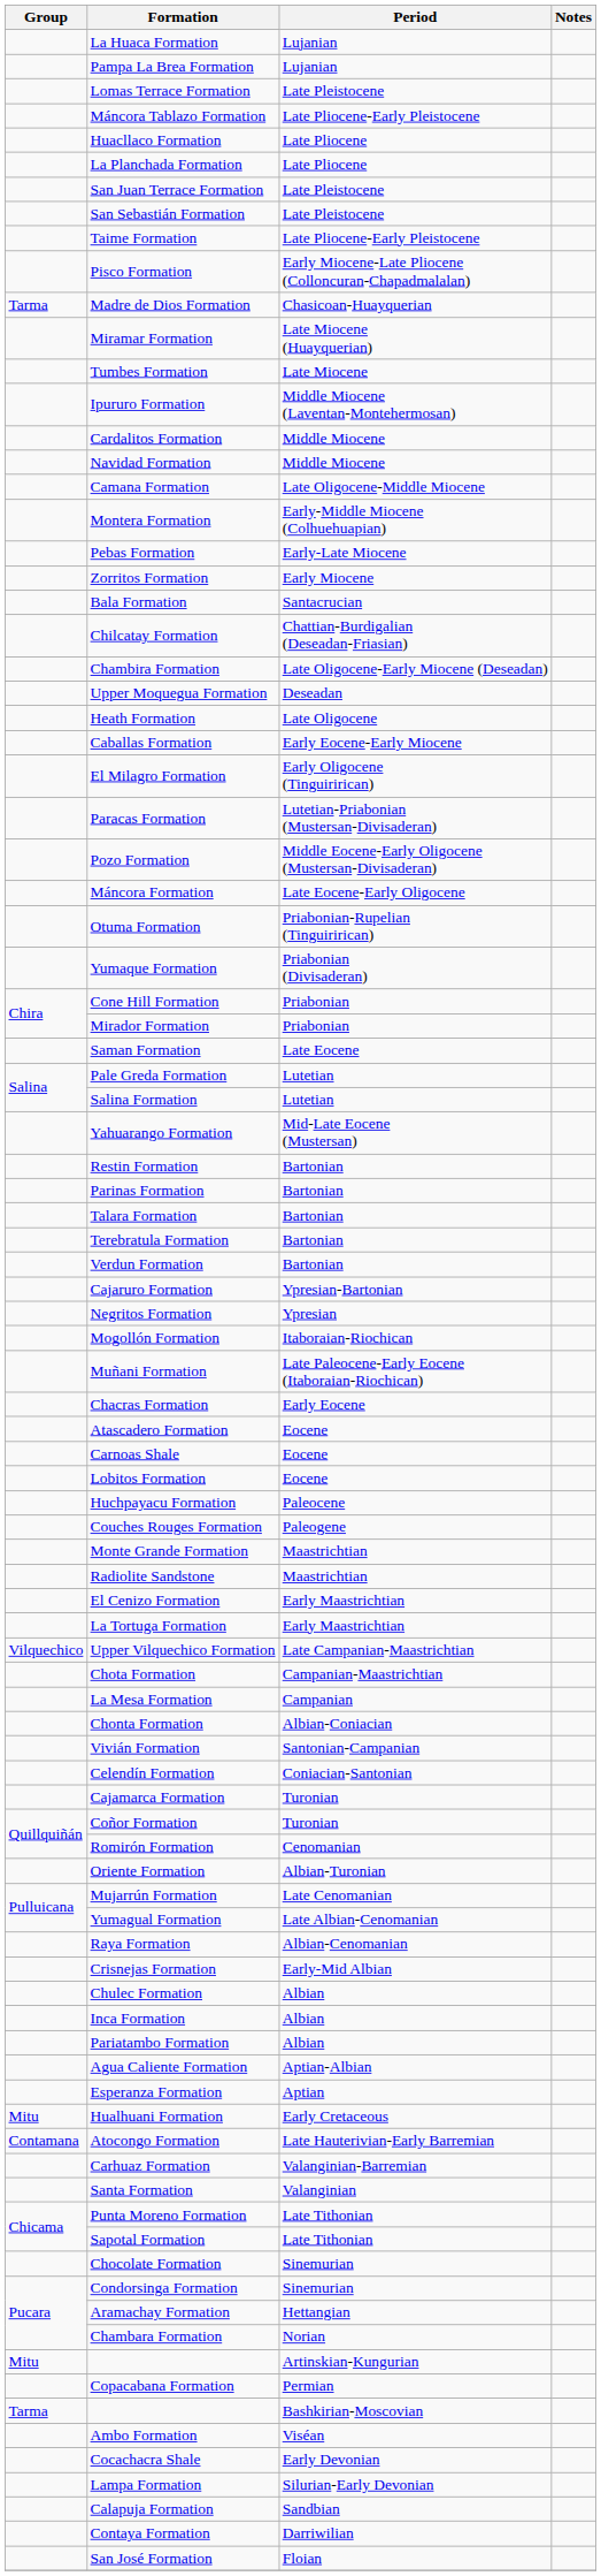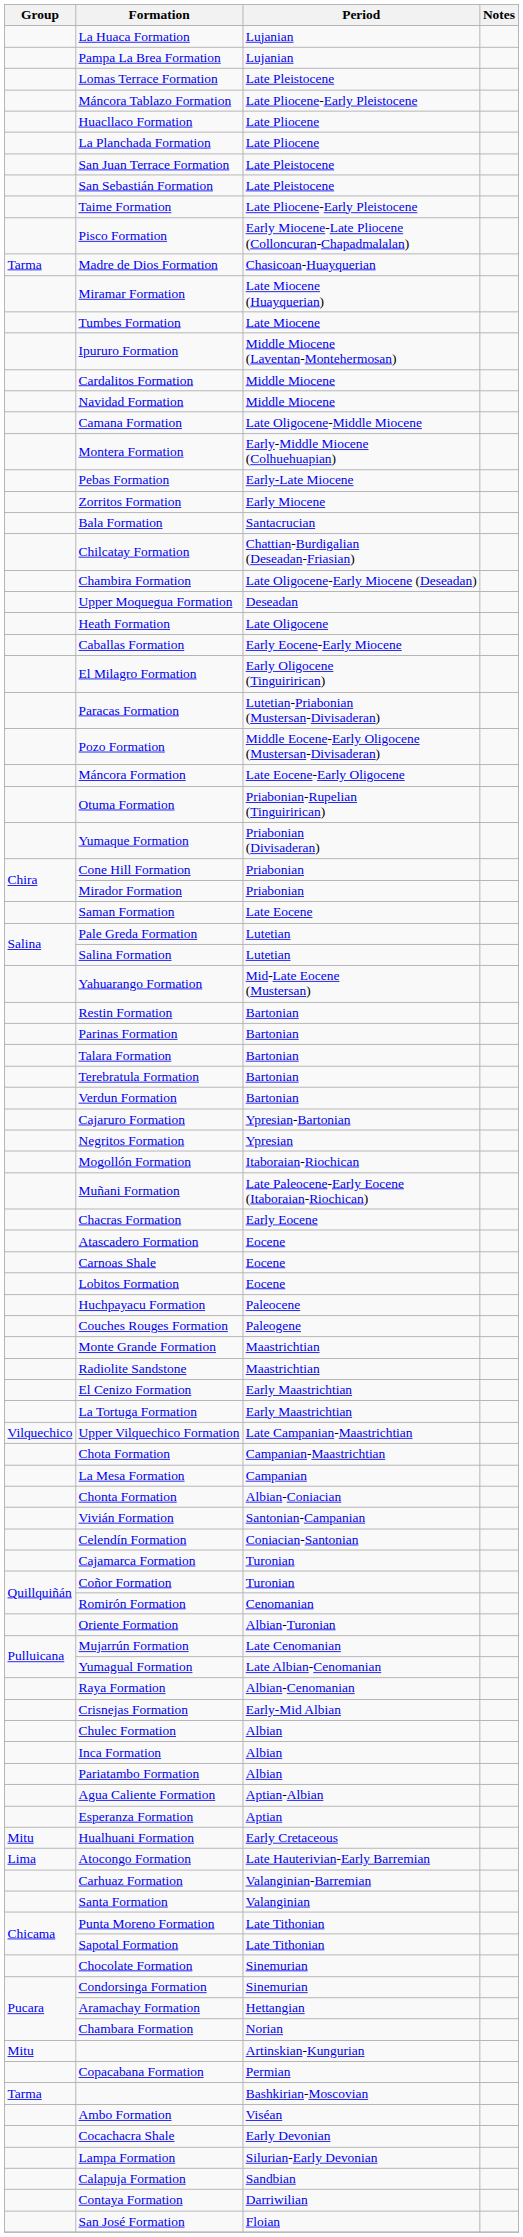 <table class="wikitable sortable">
 <tr>
 <th>Group</th>
 <th>Formation</th>
 <th>Period</th>
 <th class="unsortable">Notes</th>
 </tr>
 <tr>
 <td></td>
 <td><a href='#'>La Huaca Formation</a></td>
 <td style="background-color: "><a href='#'>Lujanian</a></td>
 <td align=center></td>
 </tr>
 <tr>
 <td></td>
 <td><a href='#'>Pampa La Brea Formation</a></td>
 <td style="background-color: "><a href='#'>Lujanian</a></td>
 <td align=center></td>
 </tr>
 <tr>
 <td></td>
 <td><a href='#'>Lomas Terrace Formation</a></td>
 <td style="background-color: "><a href='#'>Late Pleistocene</a></td>
 <td align=center></td>
 </tr>
 <tr>
 <td></td>
 <td><a href='#'>Máncora Tablazo Formation</a></td>
 <td style="background-color: "><a href='#'>Late Pliocene</a>-<a href='#'>Early Pleistocene</a></td>
 <td align=center></td>
 </tr>
 <tr>
 <td></td>
 <td><a href='#'>Huacllaco Formation</a></td>
 <td style="background-color: "><a href='#'>Late Pliocene</a></td>
 <td align=center></td>
 </tr>
 <tr>
 <td></td>
 <td><a href='#'>La Planchada Formation</a></td>
 <td style="background-color: "><a href='#'>Late Pliocene</a></td>
 <td align=center></td>
 </tr>
 <tr>
 <td></td>
 <td><a href='#'>San Juan Terrace Formation</a></td>
 <td style="background-color: "><a href='#'>Late Pleistocene</a></td>
 <td align=center></td>
 </tr>
 <tr>
 <td></td>
 <td><a href='#'>San Sebastián Formation</a></td>
 <td style="background-color: "><a href='#'>Late Pleistocene</a></td>
 <td align=center></td>
 </tr>
 <tr>
 <td></td>
 <td><a href='#'>Taime Formation</a></td>
 <td style="background-color: "><a href='#'>Late Pliocene</a>-<a href='#'>Early Pleistocene</a></td>
 <td align=center></td>
 </tr>
 <tr>
 <td></td>
 <td><a href='#'>Pisco Formation</a></td>
 <td style="background-color: "><a href='#'>Early Miocene</a>-<a href='#'>Late Pliocene</a><br>(<a href='#'>Colloncuran</a>-<a href='#'>Chapadmalalan</a>)</td>
 <td align=center></td>
 </tr>
 <tr>
 <td><a href='#'>Tarma</a></td>
 <td><a href='#'>Madre de Dios Formation</a></td>
 <td style="background-color: "><a href='#'>Chasicoan</a>-<a href='#'>Huayquerian</a></td>
 <td align=center></td>
 </tr>
 <tr>
 <td></td>
 <td><a href='#'>Miramar Formation</a></td>
 <td style="background-color: "><a href='#'>Late Miocene</a><br>(<a href='#'>Huayquerian</a>)</td>
 <td align=center></td>
 </tr>
 <tr>
 <td></td>
 <td><a href='#'>Tumbes Formation</a></td>
 <td style="background-color: "><a href='#'>Late Miocene</a></td>
 <td align=center></td>
 </tr>
 <tr>
 <td></td>
 <td><a href='#'>Ipururo Formation</a></td>
 <td style="background-color: "><a href='#'>Middle Miocene</a><br>(<a href='#'>Laventan</a>-<a href='#'>Montehermosan</a>)</td>
 <td align=center></td>
 </tr>
 <tr>
 <td></td>
 <td><a href='#'>Cardalitos Formation</a></td>
 <td style="background-color: "><a href='#'>Middle Miocene</a></td>
 <td align=center></td>
 </tr>
 <tr>
 <td></td>
 <td><a href='#'>Navidad Formation</a></td>
 <td style="background-color: "><a href='#'>Middle Miocene</a></td>
 <td align=center></td>
 </tr>
 <tr>
 <td></td>
 <td><a href='#'>Camana Formation</a></td>
 <td style="background-color: "><a href='#'>Late Oligocene</a>-<a href='#'>Middle Miocene</a></td>
 <td align=center></td>
 </tr>
 <tr>
 <td></td>
 <td><a href='#'>Montera Formation</a></td>
 <td style="background-color: "><a href='#'>Early</a>-<a href='#'>Middle Miocene</a><br>(<a href='#'>Colhuehuapian</a>)</td>
 <td align=center></td>
 </tr>
 <tr>
 <td></td>
 <td><a href='#'>Pebas Formation</a></td>
 <td style="background-color: "><a href='#'>Early-Late Miocene</a></td>
 <td align=center></td>
 </tr>
 <tr>
 <td></td>
 <td><a href='#'>Zorritos Formation</a></td>
 <td style="background-color: "><a href='#'>Early Miocene</a></td>
 <td align=center></td>
 </tr>
 <tr>
 <td></td>
 <td><a href='#'>Bala Formation</a></td>
 <td style="background-color: "><a href='#'>Santacrucian</a></td>
 <td align=center></td>
 </tr>
 <tr>
 <td></td>
 <td><a href='#'>Chilcatay Formation</a></td>
 <td style="background-color: "><a href='#'>Chattian</a>-<a href='#'>Burdigalian</a><br>(<a href='#'>Deseadan</a>-<a href='#'>Friasian</a>)</td>
 <td align=center></td>
 </tr>
 <tr>
 <td></td>
 <td><a href='#'>Chambira Formation</a></td>
 <td style="background-color: "><a href='#'>Late Oligocene</a>-<a href='#'>Early Miocene</a> (<a href='#'>Deseadan</a>)</td>
 <td align=center></td>
 </tr>
 <tr>
 <td></td>
 <td><a href='#'>Upper Moquegua Formation</a></td>
 <td style="background-color: "><a href='#'>Deseadan</a></td>
 <td align=center></td>
 </tr>
 <tr>
 <td></td>
 <td><a href='#'>Heath Formation</a></td>
 <td style="background-color: "><a href='#'>Late Oligocene</a></td>
 <td align=center></td>
 </tr>
 <tr>
 <td></td>
 <td><a href='#'>Caballas Formation</a></td>
 <td style="background-color: "><a href='#'>Early Eocene</a>-<a href='#'>Early Miocene</a></td>
 <td align=center></td>
 </tr>
 <tr>
 <td></td>
 <td><a href='#'>El Milagro Formation</a></td>
 <td style="background-color: "><a href='#'>Early Oligocene</a><br>(<a href='#'>Tinguirirican</a>)</td>
 <td align=center></td>
 </tr>
 <tr>
 <td></td>
 <td><a href='#'>Paracas Formation</a></td>
 <td style="background-color: "><a href='#'>Lutetian</a>-<a href='#'>Priabonian</a><br>(<a href='#'>Mustersan</a>-<a href='#'>Divisaderan</a>)</td>
 <td align=center></td>
 </tr>
 <tr>
 <td></td>
 <td><a href='#'>Pozo Formation</a></td>
 <td style="background-color: "><a href='#'>Middle Eocene</a>-<a href='#'>Early Oligocene</a><br>(<a href='#'>Mustersan</a>-<a href='#'>Divisaderan</a>)</td>
 <td align=center></td>
 </tr>
 <tr>
 <td></td>
 <td><a href='#'>Máncora Formation</a></td>
 <td style="background-color: "><a href='#'>Late Eocene</a>-<a href='#'>Early Oligocene</a></td>
 <td align=center></td>
 </tr>
 <tr>
 <td></td>
 <td><a href='#'>Otuma Formation</a></td>
 <td style="background-color: "><a href='#'>Priabonian</a>-<a href='#'>Rupelian</a><br>(<a href='#'>Tinguirirican</a>)</td>
 <td align=center></td>
 </tr>
 <tr>
 <td></td>
 <td><a href='#'>Yumaque Formation</a></td>
 <td style="background-color: "><a href='#'>Priabonian</a><br>(<a href='#'>Divisaderan</a>)</td>
 <td align=center></td>
 </tr>
 <tr>
 <td rowspan=2><a href='#'>Chira</a></td>
 <td><a href='#'>Cone Hill Formation</a></td>
 <td style="background-color: "><a href='#'>Priabonian</a></td>
 <td align=center></td>
 </tr>
 <tr>
 <td><a href='#'>Mirador Formation</a></td>
 <td style="background-color: "><a href='#'>Priabonian</a></td>
 <td align=center></td>
 </tr>
 <tr>
 <td></td>
 <td><a href='#'>Saman Formation</a></td>
 <td style="background-color: "><a href='#'>Late Eocene</a></td>
 <td align=center></td>
 </tr>
 <tr>
 <td rowspan=2><a href='#'>Salina</a></td>
 <td><a href='#'>Pale Greda Formation</a></td>
 <td style="background-color: "><a href='#'>Lutetian</a></td>
 <td align=center></td>
 </tr>
 <tr>
 <td><a href='#'>Salina Formation</a></td>
 <td style="background-color: "><a href='#'>Lutetian</a></td>
 <td align=center></td>
 </tr>
 <tr>
 <td></td>
 <td><a href='#'>Yahuarango Formation</a></td>
 <td style="background-color: "><a href='#'>Mid</a>-<a href='#'>Late Eocene</a><br>(<a href='#'>Mustersan</a>)</td>
 <td align=center></td>
 </tr>
 <tr>
 <td></td>
 <td><a href='#'>Restin Formation</a></td>
 <td style="background-color: "><a href='#'>Bartonian</a></td>
 <td align=center></td>
 </tr>
 <tr>
 <td></td>
 <td><a href='#'>Parinas Formation</a></td>
 <td style="background-color: "><a href='#'>Bartonian</a></td>
 <td align=center></td>
 </tr>
 <tr>
 <td></td>
 <td><a href='#'>Talara Formation</a></td>
 <td style="background-color: "><a href='#'>Bartonian</a></td>
 <td align=center></td>
 </tr>
 <tr>
 <td></td>
 <td><a href='#'>Terebratula Formation</a></td>
 <td style="background-color: "><a href='#'>Bartonian</a></td>
 <td align=center></td>
 </tr>
 <tr>
 <td></td>
 <td><a href='#'>Verdun Formation</a></td>
 <td style="background-color: "><a href='#'>Bartonian</a></td>
 <td align=center></td>
 </tr>
 <tr>
 <td></td>
 <td><a href='#'>Cajaruro Formation</a></td>
 <td style="background-color: "><a href='#'>Ypresian</a>-<a href='#'>Bartonian</a></td>
 <td align=center></td>
 </tr>
 <tr>
 <td></td>
 <td><a href='#'>Negritos Formation</a></td>
 <td style="background-color: "><a href='#'>Ypresian</a></td>
 <td align=center></td>
 </tr>
 <tr>
 <td></td>
 <td><a href='#'>Mogollón Formation</a></td>
 <td style="background-color: "><a href='#'>Itaboraian</a>-<a href='#'>Riochican</a></td>
 <td align=center></td>
 </tr>
 <tr>
 <td></td>
 <td><a href='#'>Muñani Formation</a></td>
 <td style="background-color: "><a href='#'>Late Paleocene</a>-<a href='#'>Early Eocene</a><br>(<a href='#'>Itaboraian</a>-<a href='#'>Riochican</a>)</td>
 <td align=center></td>
 </tr>
 <tr>
 <td></td>
 <td><a href='#'>Chacras Formation</a></td>
 <td style="background-color: "><a href='#'>Early Eocene</a></td>
 <td align=center></td>
 </tr>
 <tr>
 <td></td>
 <td><a href='#'>Atascadero Formation</a></td>
 <td style="background-color: "><a href='#'>Eocene</a></td>
 <td align=center></td>
 </tr>
 <tr>
 <td></td>
 <td><a href='#'>Carnoas Shale</a></td>
 <td style="background-color: "><a href='#'>Eocene</a></td>
 <td align=center></td>
 </tr>
 <tr>
 <td></td>
 <td><a href='#'>Lobitos Formation</a></td>
 <td style="background-color: "><a href='#'>Eocene</a></td>
 <td align=center></td>
 </tr>
 <tr>
 <td></td>
 <td><a href='#'>Huchpayacu Formation</a></td>
 <td style="background-color: "><a href='#'>Paleocene</a></td>
 <td align=center></td>
 </tr>
 <tr>
 <td></td>
 <td><a href='#'>Couches Rouges Formation</a></td>
 <td style="background-color: "><a href='#'>Paleogene</a></td>
 <td align=center></td>
 </tr>
 <tr>
 <td></td>
 <td><a href='#'>Monte Grande Formation</a></td>
 <td style="background-color: "><a href='#'>Maastrichtian</a></td>
 <td align=center></td>
 </tr>
 <tr>
 <td></td>
 <td><a href='#'>Radiolite Sandstone</a></td>
 <td style="background-color: "><a href='#'>Maastrichtian</a></td>
 <td align=center></td>
 </tr>
 <tr>
 <td></td>
 <td><a href='#'>El Cenizo Formation</a></td>
 <td style="background-color: "><a href='#'>Early Maastrichtian</a></td>
 <td align=center></td>
 </tr>
 <tr>
 <td></td>
 <td><a href='#'>La Tortuga Formation</a></td>
 <td style="background-color: "><a href='#'>Early Maastrichtian</a></td>
 <td align=center></td>
 </tr>
 <tr>
 <td><a href='#'>Vilquechico</a></td>
 <td><a href='#'>Upper Vilquechico Formation</a></td>
 <td style="background-color: "><a href='#'>Late Campanian</a>-<a href='#'>Maastrichtian</a></td>
 <td align=center></td>
 </tr>
 <tr>
 <td></td>
 <td><a href='#'>Chota Formation</a></td>
 <td style="background-color: "><a href='#'>Campanian</a>-<a href='#'>Maastrichtian</a></td>
 <td align=center></td>
 </tr>
 <tr>
 <td></td>
 <td><a href='#'>La Mesa Formation</a></td>
 <td style="background-color: "><a href='#'>Campanian</a></td>
 <td align=center></td>
 </tr>
 <tr>
 <td></td>
 <td><a href='#'>Chonta Formation</a></td>
 <td style="background-color: "><a href='#'>Albian</a>-<a href='#'>Coniacian</a></td>
 <td align=center></td>
 </tr>
 <tr>
 <td></td>
 <td><a href='#'>Vivián Formation</a></td>
 <td style="background-color: "><a href='#'>Santonian</a>-<a href='#'>Campanian</a></td>
 <td align=center></td>
 </tr>
 <tr>
 <td></td>
 <td><a href='#'>Celendín Formation</a></td>
 <td style="background-color: "><a href='#'>Coniacian</a>-<a href='#'>Santonian</a></td>
 <td align=center></td>
 </tr>
 <tr>
 <td></td>
 <td><a href='#'>Cajamarca Formation</a></td>
 <td style="background-color: "><a href='#'>Turonian</a></td>
 <td align=center></td>
 </tr>
 <tr>
 <td rowspan=2><a href='#'>Quillquiñán</a></td>
 <td><a href='#'>Coñor Formation</a></td>
 <td style="background-color: "><a href='#'>Turonian</a></td>
 <td align=center></td>
 </tr>
 <tr>
 <td><a href='#'>Romirón Formation</a></td>
 <td style="background-color: "><a href='#'>Cenomanian</a></td>
 <td align=center></td>
 </tr>
 <tr>
 <td></td>
 <td><a href='#'>Oriente Formation</a></td>
 <td style="background-color: "><a href='#'>Albian</a>-<a href='#'>Turonian</a></td>
 <td align=center></td>
 </tr>
 <tr>
 <td rowspan=2><a href='#'>Pulluicana</a></td>
 <td><a href='#'>Mujarrún Formation</a></td>
 <td style="background-color: "><a href='#'>Late Cenomanian</a></td>
 <td align=center></td>
 </tr>
 <tr>
 <td><a href='#'>Yumagual Formation</a></td>
 <td style="background-color: "><a href='#'>Late Albian</a>-<a href='#'>Cenomanian</a></td>
 <td align=center></td>
 </tr>
 <tr>
 <td></td>
 <td><a href='#'>Raya Formation</a></td>
 <td style="background-color: "><a href='#'>Albian</a>-<a href='#'>Cenomanian</a></td>
 <td align=center></td>
 </tr>
 <tr>
 <td></td>
 <td><a href='#'>Crisnejas Formation</a></td>
 <td style="background-color: "><a href='#'>Early-Mid Albian</a></td>
 <td align=center></td>
 </tr>
 <tr>
 <td></td>
 <td><a href='#'>Chulec Formation</a></td>
 <td style="background-color: "><a href='#'>Albian</a></td>
 <td align=center></td>
 </tr>
 <tr>
 <td></td>
 <td><a href='#'>Inca Formation</a></td>
 <td style="background-color: "><a href='#'>Albian</a></td>
 <td align=center></td>
 </tr>
 <tr>
 <td></td>
 <td><a href='#'>Pariatambo Formation</a></td>
 <td style="background-color: "><a href='#'>Albian</a></td>
 <td align=center></td>
 </tr>
 <tr>
 <td></td>
 <td><a href='#'>Agua Caliente Formation</a></td>
 <td style="background-color: "><a href='#'>Aptian</a>-<a href='#'>Albian</a></td>
 <td align=center></td>
 </tr>
 <tr>
 <td></td>
 <td><a href='#'>Esperanza Formation</a></td>
 <td style="background-color: "><a href='#'>Aptian</a></td>
 <td align=center></td>
 </tr>
 <tr>
 <td><a href='#'>Mitu</a></td>
 <td><a href='#'>Hualhuani Formation</a></td>
 <td style="background-color: "><a href='#'>Early Cretaceous</a></td>
 <td align=center></td>
 </tr>
 <tr>
-<td><a href='#'>Contamana</a></td>
+<td><a href='#'>Lima</a></td>
 <td><a href='#'>Atocongo Formation</a></td>
 <td style="background-color: "><a href='#'>Late Hauterivian</a>-<a href='#'>Early Barremian</a></td>
 <td align=center></td>
 </tr>
 <tr>
 <td></td>
 <td><a href='#'>Carhuaz Formation</a></td>
 <td style="background-color: "><a href='#'>Valanginian</a>-<a href='#'>Barremian</a></td>
 <td align=center></td>
 </tr>
 <tr>
 <td></td>
 <td><a href='#'>Santa Formation</a></td>
 <td style="background-color: "><a href='#'>Valanginian</a></td>
 <td align=center></td>
 </tr>
 <tr>
 <td rowspan=2><a href='#'>Chicama</a></td>
 <td><a href='#'>Punta Moreno Formation</a></td>
 <td style="background-color: "><a href='#'>Late Tithonian</a></td>
 <td align=center></td>
 </tr>
 <tr>
 <td><a href='#'>Sapotal Formation</a></td>
 <td style="background-color: "><a href='#'>Late Tithonian</a></td>
 <td align=center></td>
 </tr>
 <tr>
 <td></td>
 <td><a href='#'>Chocolate Formation</a></td>
 <td style="background-color: "><a href='#'>Sinemurian</a></td>
 <td align=center></td>
 </tr>
 <tr>
 <td rowspan=3><a href='#'>Pucara</a></td>
 <td><a href='#'>Condorsinga Formation</a></td>
 <td style="background-color: "><a href='#'>Sinemurian</a></td>
 <td align=center></td>
 </tr>
 <tr>
 <td><a href='#'>Aramachay Formation</a></td>
 <td style="background-color: "><a href='#'>Hettangian</a></td>
 <td align=center></td>
 </tr>
 <tr>
 <td><a href='#'>Chambara Formation</a></td>
 <td style="background-color: "><a href='#'>Norian</a></td>
 <td align=center></td>
 </tr>
 <tr>
 <td><a href='#'>Mitu</a></td>
 <td></td>
 <td style="background-color: "><a href='#'>Artinskian</a>-<a href='#'>Kungurian</a></td>
 <td align=center></td>
 </tr>
 <tr>
 <td></td>
 <td><a href='#'>Copacabana Formation</a></td>
 <td style="background-color: "><a href='#'>Permian</a></td>
 <td align=center></td>
 </tr>
 <tr>
 <td><a href='#'>Tarma</a></td>
 <td></td>
 <td style="background-color: "><a href='#'>Bashkirian</a>-<a href='#'>Moscovian</a></td>
 <td align=center></td>
 </tr>
 <tr>
 <td></td>
 <td><a href='#'>Ambo Formation</a></td>
 <td style="background-color: "><a href='#'>Viséan</a></td>
 <td align=center></td>
 </tr>
 <tr>
 <td></td>
 <td><a href='#'>Cocachacra Shale</a></td>
 <td style="background-color: "><a href='#'>Early Devonian</a></td>
 <td align=center></td>
 </tr>
 <tr>
 <td></td>
 <td><a href='#'>Lampa Formation</a></td>
 <td style="background-color: "><a href='#'>Silurian</a>-<a href='#'>Early Devonian</a></td>
 <td align=center></td>
 </tr>
 <tr>
 <td></td>
 <td><a href='#'>Calapuja Formation</a></td>
 <td style="background-color: "><a href='#'>Sandbian</a></td>
 <td align=center></td>
 </tr>
 <tr>
 <td></td>
 <td><a href='#'>Contaya Formation</a></td>
 <td style="background-color: "><a href='#'>Darriwilian</a></td>
 <td align=center></td>
 </tr>
 <tr>
 <td></td>
 <td><a href='#'>San José Formation</a></td>
 <td style="background-color: "><a href='#'>Floian</a></td>
 <td align=center></td>
 </tr>
 <tr>
 </tr>
 </table>
